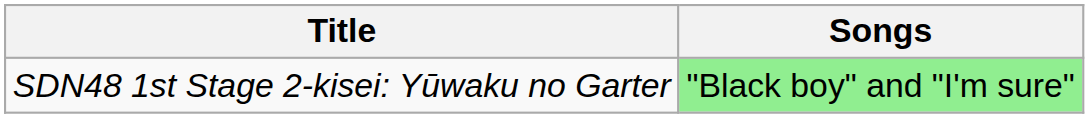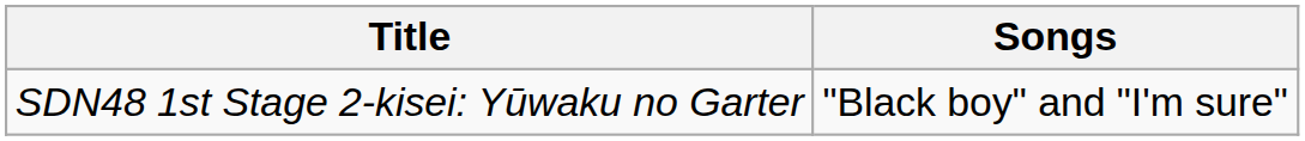 <table class="wikitable">
 <tr>
 <th>Title</th>
 <th>Songs</th>
 </tr>
 <tr>
 <td><em>SDN48 1st Stage 2-kisei: Yūwaku no Garter</em></td>
-<td style="background: lightgreen;">"Black boy" and "I'm sure"</td>
+<td>"Black boy" and "I'm sure"</td>
 </tr>
 </table>
